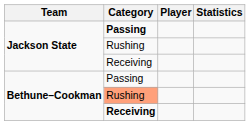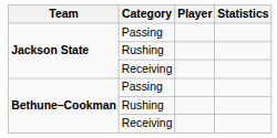 <table class="wikitable" style="float: right;">
 <tr>
 <th>Team</th>
 <th>Category</th>
 <th>Player</th>
 <th>Statistics</th>
 </tr>
 <tr>
 <td rowspan=3><strong>Jackson State</strong></td>
-<td><strong>Passing</strong></td>
+<td>Passing</td>
 <td></td>
 <td></td>
 </tr>
 <tr>
 <td>Rushing</td>
 <td></td>
 <td></td>
 </tr>
 <tr>
 <td>Receiving</td>
 <td></td>
 <td></td>
 </tr>
 <tr>
 <td rowspan=3><strong>Bethune–Cookman</strong></td>
 <td>Passing</td>
 <td></td>
 <td></td>
 </tr>
 <tr>
-<td style="background: lightsalmon;">Rushing</td>
+<td>Rushing</td>
 <td></td>
 <td></td>
 </tr>
 <tr>
-<td><strong>Receiving</strong></td>
+<td>Receiving</td>
 <td></td>
 <td></td>
 </tr>
 </table>
